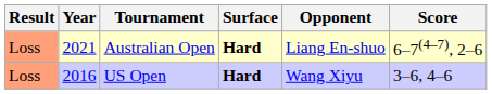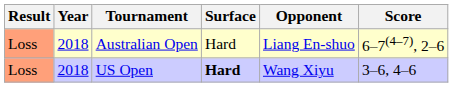 <table class="sortable wikitable">
 <tr>
 <th>Result</th>
 <th>Year</th>
 <th>Tournament</th>
 <th>Surface</th>
 <th>Opponent</th>
 <th class="unsortable">Score</th>
 </tr>
 <tr bgcolor=ffffcc>
 <td style="background:#ffa07a;">Loss</td>
-<td><a href='#'>2021</a></td>
+<td><a href='#'>2018</a></td>
 <td><a href='#'>Australian Open</a></td>
-<td><strong>Hard</strong></td>
+<td>Hard</td>
 <td> <a href='#'>Liang En-shuo</a></td>
 <td>6–7<sup>(4–7)</sup>, 2–6</td>
 </tr>
 <tr bgcolor=CCCCFF>
 <td style="background:#ffa07a">Loss</td>
-<td><a href='#'>2016</a></td>
+<td><a href='#'>2018</a></td>
 <td><a href='#'>US Open</a></td>
 <td><strong>Hard</strong></td>
 <td> <a href='#'>Wang Xiyu</a></td>
 <td>3–6, 4–6</td>
 </tr>
 </table>
